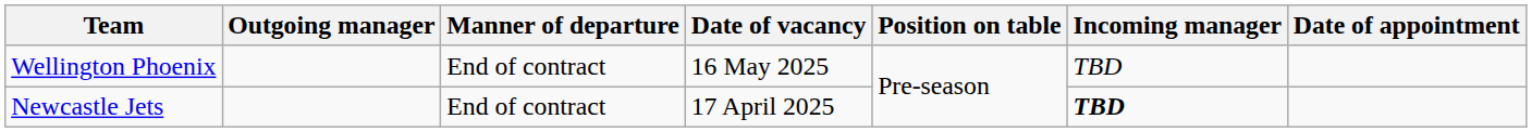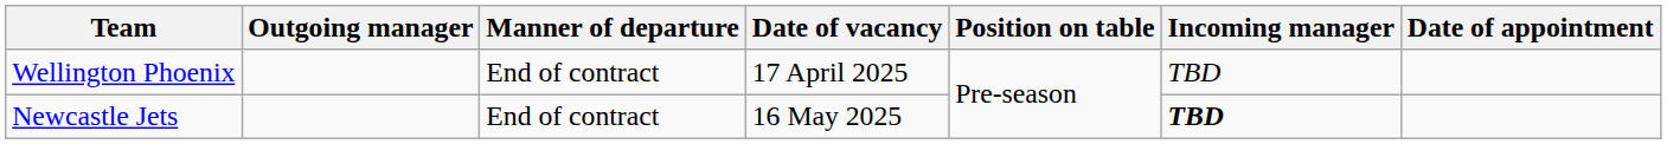 <table class="wikitable sortable">
 <tr>
 <th>Team</th>
 <th>Outgoing manager</th>
 <th>Manner of departure</th>
 <th>Date of vacancy</th>
 <th>Position on table</th>
 <th>Incoming manager</th>
 <th>Date of appointment</th>
 </tr>
 <tr>
 <td><a href='#'>Wellington Phoenix</a></td>
 <td></td>
 <td>End of contract</td>
-<td>16 May 2025</td>
+<td>17 April 2025</td>
 <td rowspan=2>Pre-season</td>
 <td><em>TBD</em></td>
 <td></td>
 </tr>
 <tr>
 <td><a href='#'>Newcastle Jets</a></td>
 <td></td>
 <td>End of contract</td>
-<td>17 April 2025</td>
+<td>16 May 2025</td>
 <td><strong><em>TBD</em></strong></td>
 <td></td>
 </tr>
 </table>
